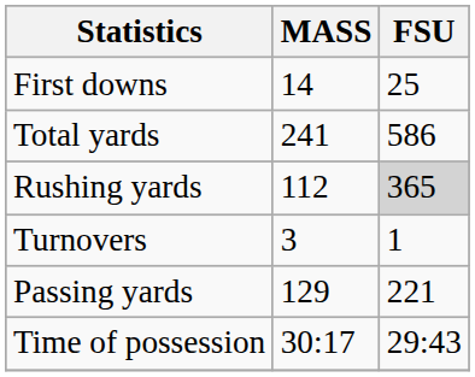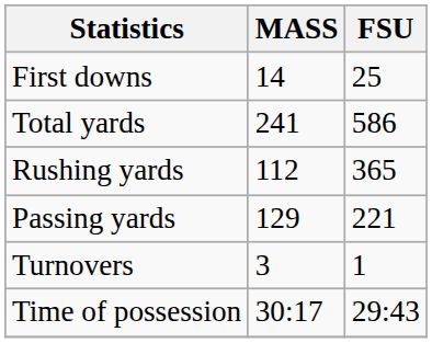 <table class="wikitable">
 <tr>
 <th>Statistics</th>
 <th>MASS</th>
 <th>FSU</th>
 </tr>
 <tr>
 <td>First downs</td>
 <td>14</td>
 <td>25</td>
 </tr>
 <tr>
 <td>Total yards</td>
 <td>241</td>
 <td>586</td>
 </tr>
 <tr>
 <td>Rushing yards</td>
 <td>112</td>
-<td style="background: lightgrey;">365</td>
+<td>365</td>
+</tr>
+<tr>
+<td>Passing yards</td>
+<td>129</td>
+<td>221</td>
 </tr>
 <tr>
 <td>Turnovers</td>
 <td>3</td>
 <td>1</td>
-</tr>
-<tr>
-<td>Passing yards</td>
-<td>129</td>
-<td>221</td>
 </tr>
 <tr>
 <td>Time of possession</td>
 <td>30:17</td>
 <td>29:43</td>
 </tr>
 <tr>
 </tr>
 </table>
